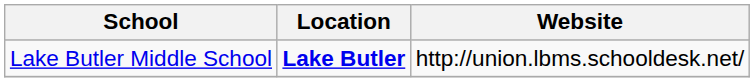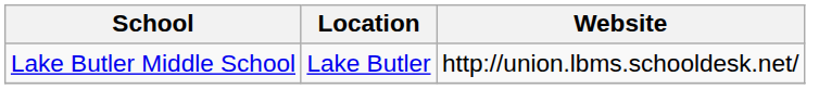 <table class="wikitable" style="text-align:center">
 <tr>
 <th>School</th>
 <th>Location</th>
 <th>Website</th>
 </tr>
 <tr>
 <td><a href='#'>Lake Butler Middle School</a></td>
-<td><strong><a href='#'>Lake Butler</a></strong></td>
+<td><a href='#'>Lake Butler</a></td>
 <td>http://union.lbms.schooldesk.net/</td>
 </tr>
 <tr>
 </tr>
 </table>
